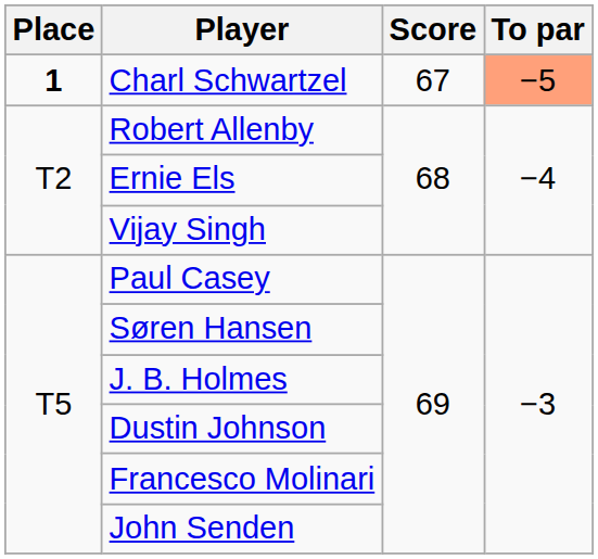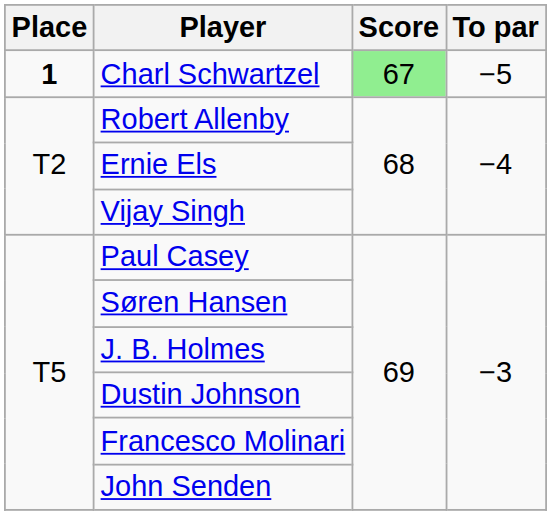 <table class="wikitable">
 <tr>
 <th>Place</th>
 <th>Player</th>
 <th>Score</th>
 <th>To par</th>
 </tr>
 <tr>
 <td align=center><strong>1</strong></td>
 <td> <a href='#'>Charl Schwartzel</a></td>
-<td align=center>67</td>
-<td align=center style="background: lightsalmon;">−5</td>
+<td align=center style="background: lightgreen;">67</td>
+<td align=center>−5</td>
 </tr>
 <tr>
 <td rowspan="3" align=center>T2</td>
 <td> <a href='#'>Robert Allenby</a></td>
 <td rowspan="3" align=center>68</td>
 <td rowspan="3" align=center>−4</td>
 </tr>
 <tr>
 <td> <a href='#'>Ernie Els</a></td>
 </tr>
 <tr>
 <td> <a href='#'>Vijay Singh</a></td>
 </tr>
 <tr>
 <td rowspan="6" align=center>T5</td>
 <td> <a href='#'>Paul Casey</a></td>
 <td rowspan="6" align=center>69</td>
 <td rowspan="6" align=center>−3</td>
 </tr>
 <tr>
 <td> <a href='#'>Søren Hansen</a></td>
 </tr>
 <tr>
 <td> <a href='#'>J. B. Holmes</a></td>
 </tr>
 <tr>
 <td> <a href='#'>Dustin Johnson</a></td>
 </tr>
 <tr>
 <td> <a href='#'>Francesco Molinari</a></td>
 </tr>
 <tr>
 <td> <a href='#'>John Senden</a></td>
 </tr>
 </table>
